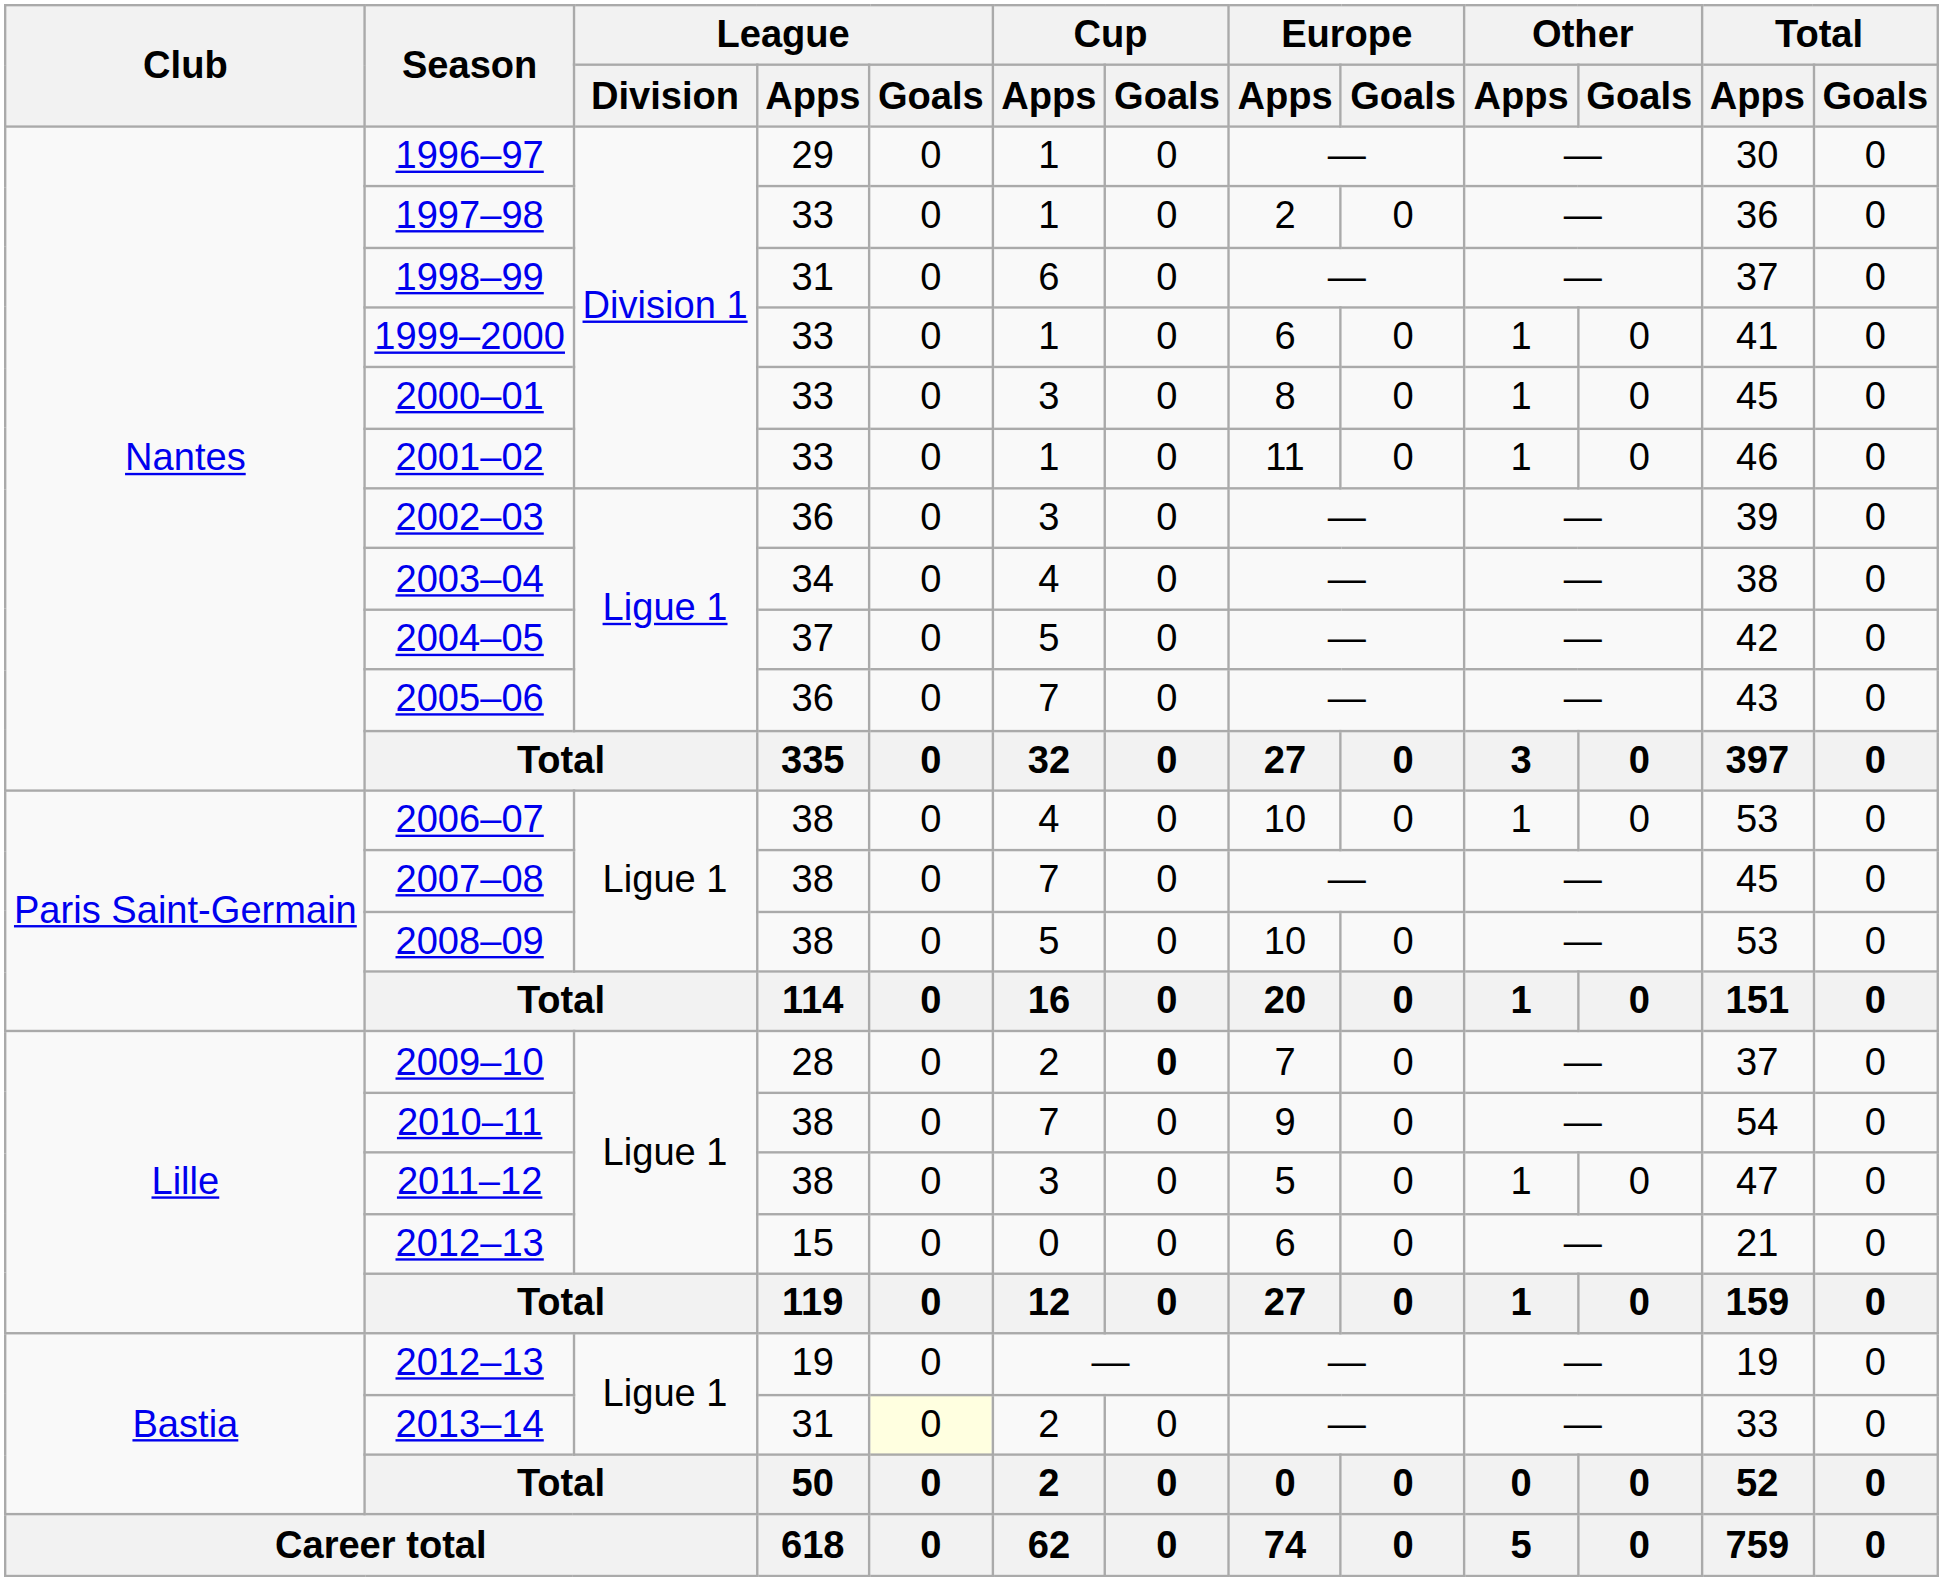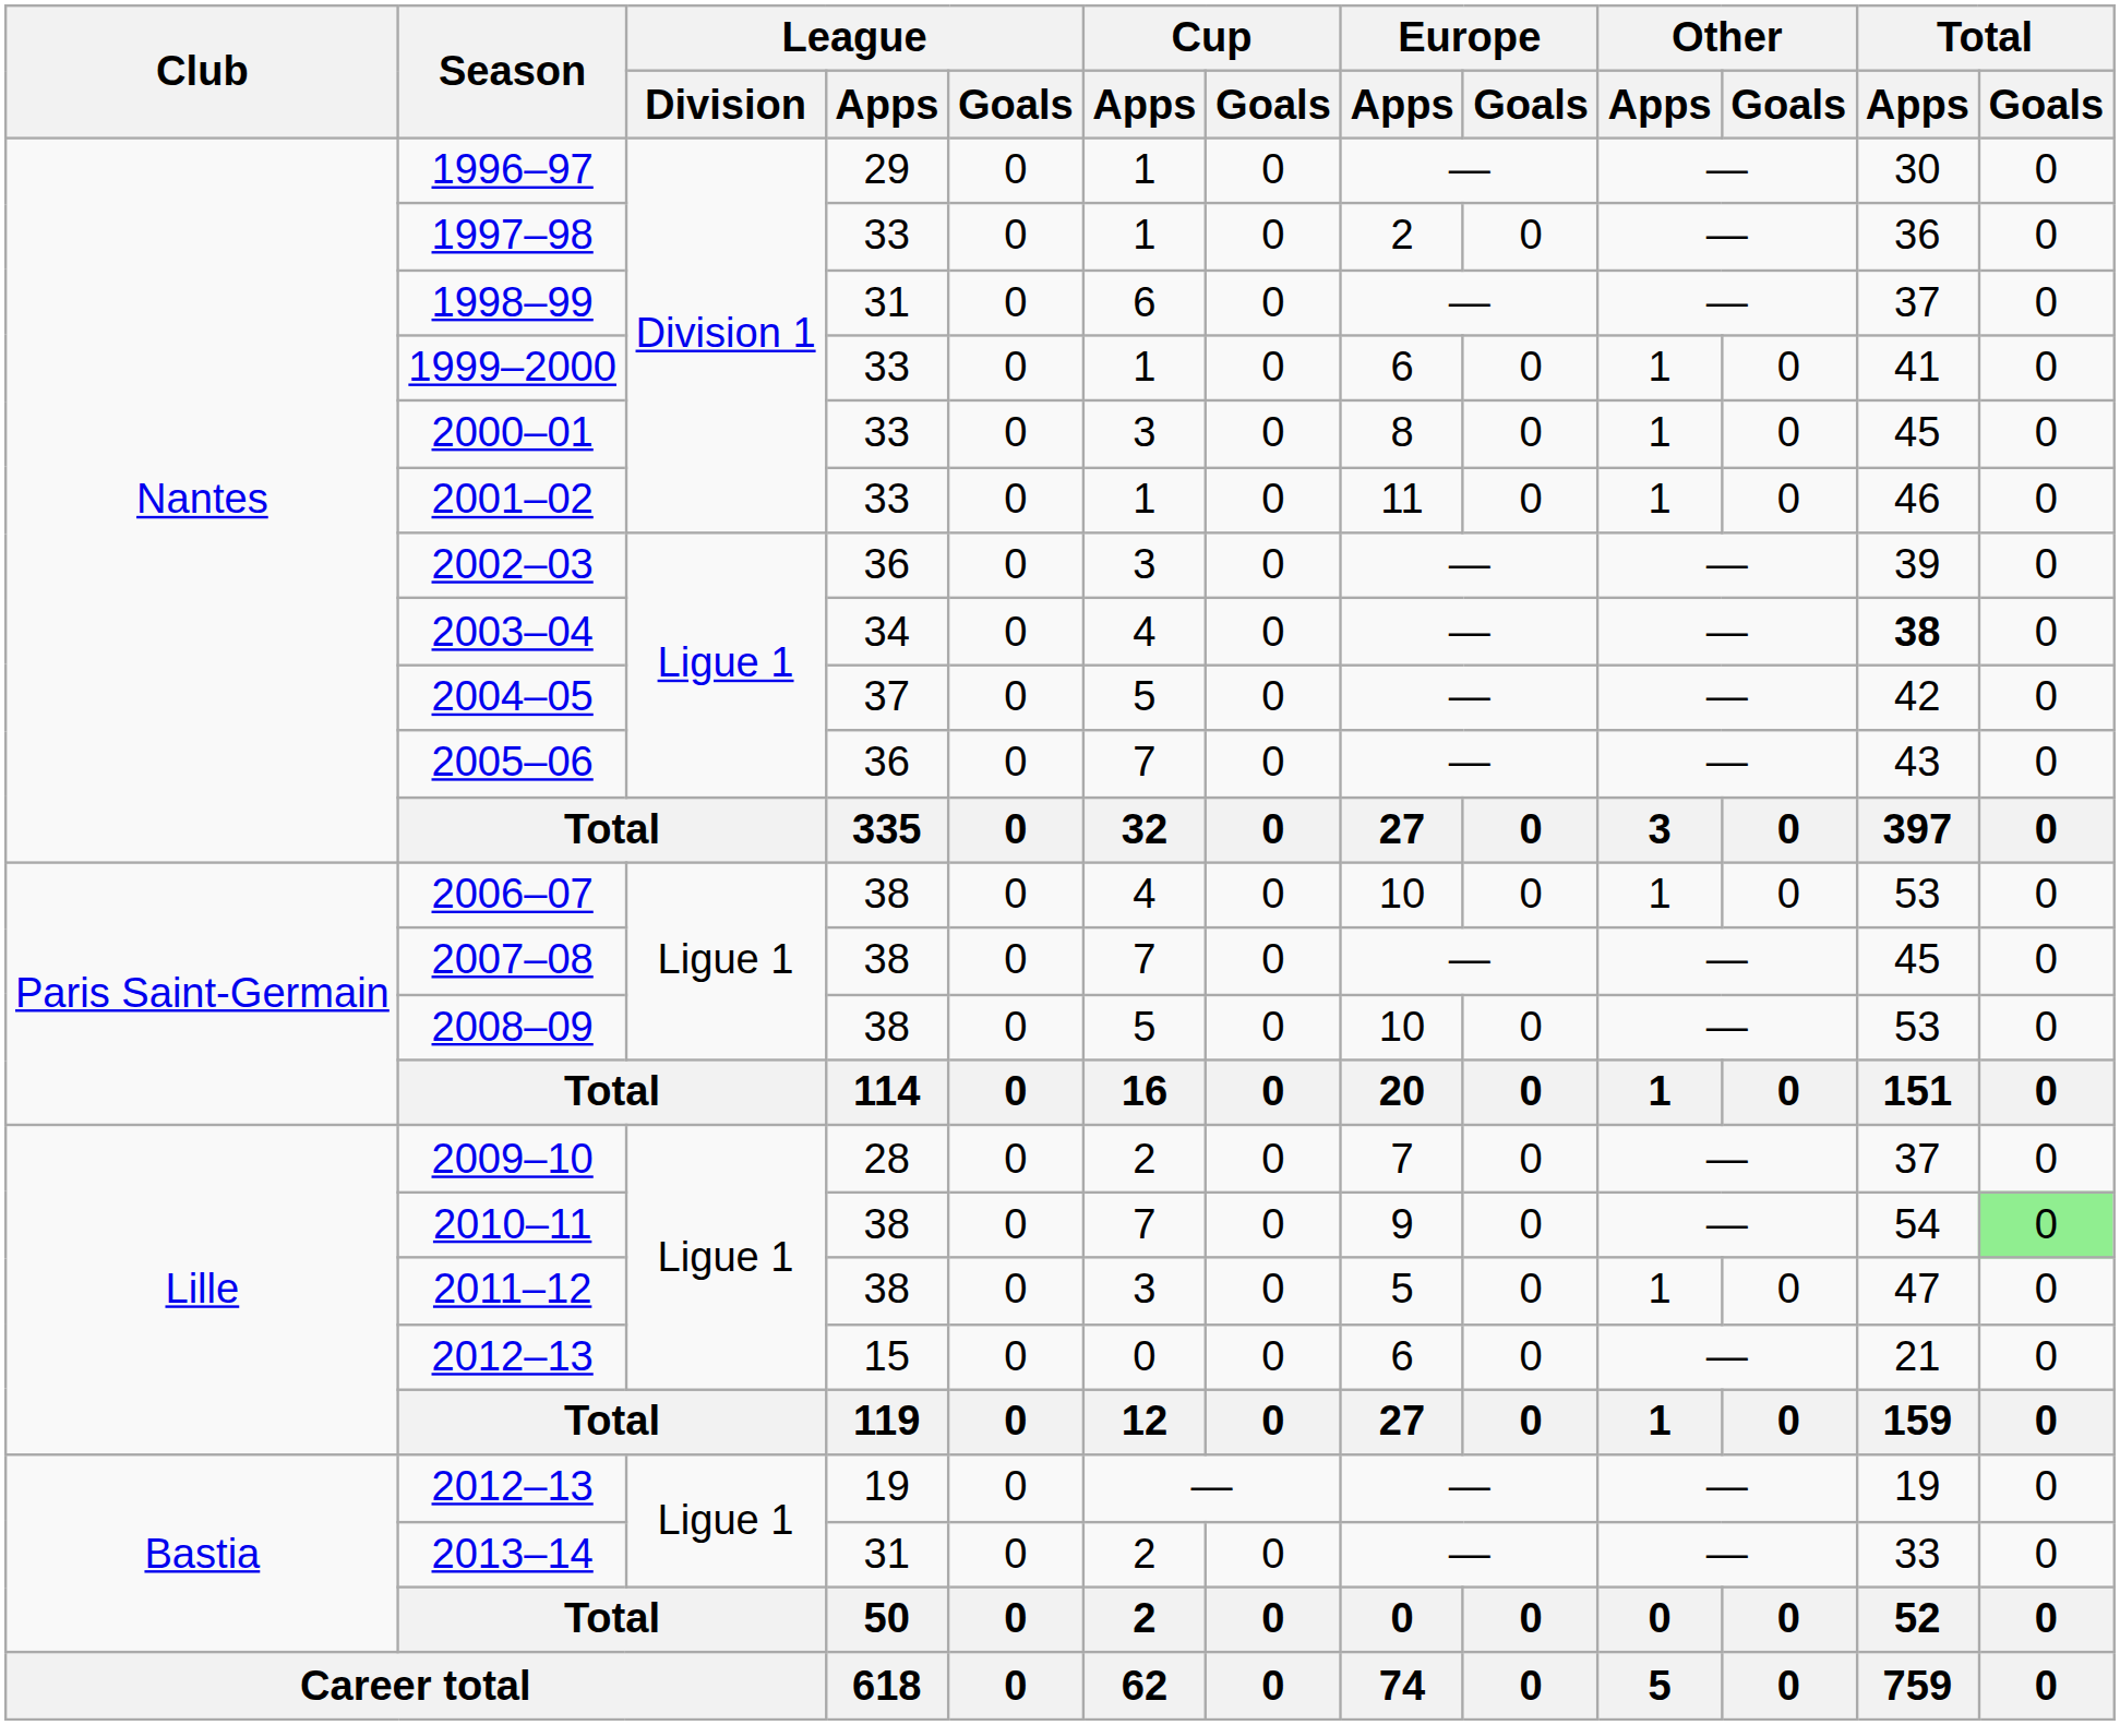 <table class="wikitable" style="text-align: center;">
 <tr>
 <th rowspan="2">Club</th>
 <th rowspan="2">Season</th>
 <th colspan="3">League</th>
 <th colspan="2">Cup</th>
 <th colspan="2">Europe</th>
 <th colspan="2">Other</th>
 <th colspan="2">Total</th>
 </tr>
 <tr>
 <th>Division</th>
 <th>Apps</th>
 <th>Goals</th>
 <th>Apps</th>
 <th>Goals</th>
 <th>Apps</th>
 <th>Goals</th>
 <th>Apps</th>
 <th>Goals</th>
 <th>Apps</th>
 <th>Goals</th>
 </tr>
 <tr>
 <td rowspan="11"><a href='#'>Nantes</a></td>
 <td><a href='#'>1996–97</a></td>
 <td rowspan="6"><a href='#'>Division 1</a></td>
 <td>29</td>
 <td>0</td>
 <td>1</td>
 <td>0</td>
 <td colspan="2">—</td>
 <td colspan="2">—</td>
 <td>30</td>
 <td>0</td>
 </tr>
 <tr>
 <td><a href='#'>1997–98</a></td>
 <td>33</td>
 <td>0</td>
 <td>1</td>
 <td>0</td>
 <td>2</td>
 <td>0</td>
 <td colspan="2">—</td>
 <td>36</td>
 <td>0</td>
 </tr>
 <tr>
 <td><a href='#'>1998–99</a></td>
 <td>31</td>
 <td>0</td>
 <td>6</td>
 <td>0</td>
 <td colspan="2">—</td>
 <td colspan="2">—</td>
 <td>37</td>
 <td>0</td>
 </tr>
 <tr>
 <td><a href='#'>1999–2000</a></td>
 <td>33</td>
 <td>0</td>
 <td>1</td>
 <td>0</td>
 <td>6</td>
 <td>0</td>
 <td>1</td>
 <td>0</td>
 <td>41</td>
 <td>0</td>
 </tr>
 <tr>
 <td><a href='#'>2000–01</a></td>
 <td>33</td>
 <td>0</td>
 <td>3</td>
 <td>0</td>
 <td>8</td>
 <td>0</td>
 <td>1</td>
 <td>0</td>
 <td>45</td>
 <td>0</td>
 </tr>
 <tr>
 <td><a href='#'>2001–02</a></td>
 <td>33</td>
 <td>0</td>
 <td>1</td>
 <td>0</td>
 <td>11</td>
 <td>0</td>
 <td>1</td>
 <td>0</td>
 <td>46</td>
 <td>0</td>
 </tr>
 <tr>
 <td><a href='#'>2002–03</a></td>
 <td rowspan="4"><a href='#'>Ligue 1</a></td>
 <td>36</td>
 <td>0</td>
 <td>3</td>
 <td>0</td>
 <td colspan="2">—</td>
 <td colspan="2">—</td>
 <td>39</td>
 <td>0</td>
 </tr>
 <tr>
 <td><a href='#'>2003–04</a></td>
 <td>34</td>
 <td>0</td>
 <td>4</td>
 <td>0</td>
 <td colspan="2">—</td>
 <td colspan="2">—</td>
-<td>38</td>
+<td><strong>38</strong></td>
 <td>0</td>
 </tr>
 <tr>
 <td><a href='#'>2004–05</a></td>
 <td>37</td>
 <td>0</td>
 <td>5</td>
 <td>0</td>
 <td colspan="2">—</td>
 <td colspan="2">—</td>
 <td>42</td>
 <td>0</td>
 </tr>
 <tr>
 <td><a href='#'>2005–06</a></td>
 <td>36</td>
 <td>0</td>
 <td>7</td>
 <td>0</td>
 <td colspan="2">—</td>
 <td colspan="2">—</td>
 <td>43</td>
 <td>0</td>
 </tr>
 <tr>
 <th colspan="2">Total</th>
 <th>335</th>
 <th>0</th>
 <th>32</th>
 <th>0</th>
 <th>27</th>
 <th>0</th>
 <th>3</th>
 <th>0</th>
 <th>397</th>
 <th>0</th>
 </tr>
 <tr>
 <td rowspan="4"><a href='#'>Paris Saint-Germain</a></td>
 <td><a href='#'>2006–07</a></td>
 <td rowspan="3">Ligue 1</td>
 <td>38</td>
 <td>0</td>
 <td>4</td>
 <td>0</td>
 <td>10</td>
 <td>0</td>
 <td>1</td>
 <td>0</td>
 <td>53</td>
 <td>0</td>
 </tr>
 <tr>
 <td><a href='#'>2007–08</a></td>
 <td>38</td>
 <td>0</td>
 <td>7</td>
 <td>0</td>
 <td colspan="2">—</td>
 <td colspan="2">—</td>
 <td>45</td>
 <td>0</td>
 </tr>
 <tr>
 <td><a href='#'>2008–09</a></td>
 <td>38</td>
 <td>0</td>
 <td>5</td>
 <td>0</td>
 <td>10</td>
 <td>0</td>
 <td colspan="2">—</td>
 <td>53</td>
 <td>0</td>
 </tr>
 <tr>
 <th colspan="2">Total</th>
 <th>114</th>
 <th>0</th>
 <th>16</th>
 <th>0</th>
 <th>20</th>
 <th>0</th>
 <th>1</th>
 <th>0</th>
 <th>151</th>
 <th>0</th>
 </tr>
 <tr>
 <td rowspan="5"><a href='#'>Lille</a></td>
 <td><a href='#'>2009–10</a></td>
 <td rowspan="4">Ligue 1</td>
 <td>28</td>
 <td>0</td>
 <td>2</td>
-<td><strong>0</strong></td>
+<td>0</td>
 <td>7</td>
 <td>0</td>
 <td colspan="2">—</td>
 <td>37</td>
 <td>0</td>
 </tr>
 <tr>
 <td><a href='#'>2010–11</a></td>
 <td>38</td>
 <td>0</td>
 <td>7</td>
 <td>0</td>
 <td>9</td>
 <td>0</td>
 <td colspan="2">—</td>
 <td>54</td>
-<td>0</td>
+<td style="background: lightgreen;">0</td>
 </tr>
 <tr>
 <td><a href='#'>2011–12</a></td>
 <td>38</td>
 <td>0</td>
 <td>3</td>
 <td>0</td>
 <td>5</td>
 <td>0</td>
 <td>1</td>
 <td>0</td>
 <td>47</td>
 <td>0</td>
 </tr>
 <tr>
 <td><a href='#'>2012–13</a></td>
 <td>15</td>
 <td>0</td>
 <td>0</td>
 <td>0</td>
 <td>6</td>
 <td>0</td>
 <td colspan="2">—</td>
 <td>21</td>
 <td>0</td>
 </tr>
 <tr>
 <th colspan="2">Total</th>
 <th>119</th>
 <th>0</th>
 <th>12</th>
 <th>0</th>
 <th>27</th>
 <th>0</th>
 <th>1</th>
 <th>0</th>
 <th>159</th>
 <th>0</th>
 </tr>
 <tr>
 <td rowspan="3"><a href='#'>Bastia</a></td>
 <td><a href='#'>2012–13</a></td>
 <td rowspan="2">Ligue 1</td>
 <td>19</td>
 <td>0</td>
 <td colspan="2">—</td>
 <td colspan="2">—</td>
 <td colspan="2">—</td>
 <td>19</td>
 <td>0</td>
 </tr>
 <tr>
 <td><a href='#'>2013–14</a></td>
 <td>31</td>
-<td style="background: lightyellow;">0</td>
+<td>0</td>
 <td>2</td>
 <td>0</td>
 <td colspan="2">—</td>
 <td colspan="2">—</td>
 <td>33</td>
 <td>0</td>
 </tr>
 <tr>
 <th colspan="2">Total</th>
 <th>50</th>
 <th>0</th>
 <th>2</th>
 <th>0</th>
 <th>0</th>
 <th>0</th>
 <th>0</th>
 <th>0</th>
 <th>52</th>
 <th>0</th>
 </tr>
 <tr>
 <th colspan="3">Career total</th>
 <th>618</th>
 <th>0</th>
 <th>62</th>
 <th>0</th>
 <th>74</th>
 <th>0</th>
 <th>5</th>
 <th>0</th>
 <th>759</th>
 <th>0</th>
 </tr>
 </table>
